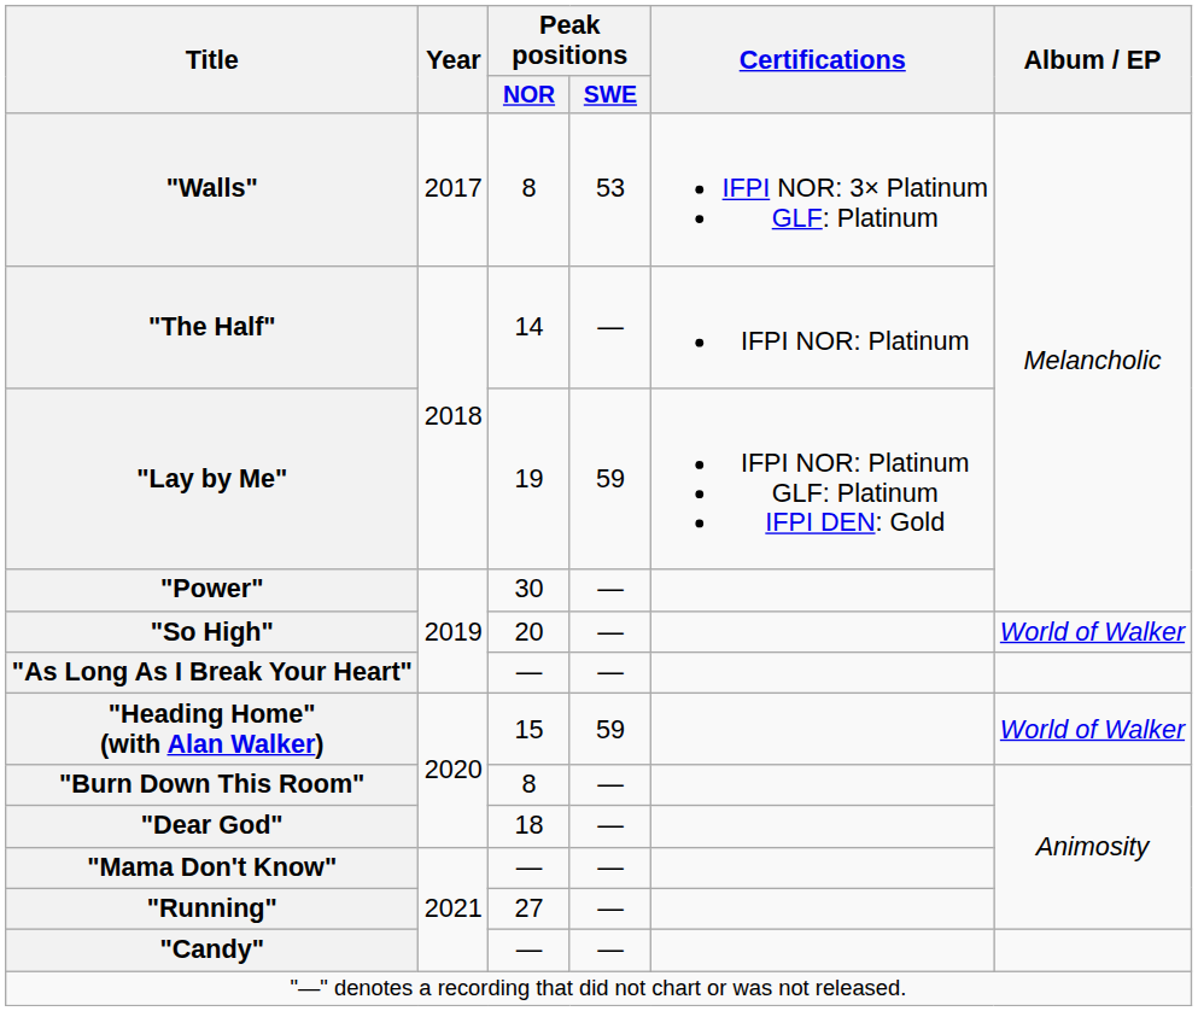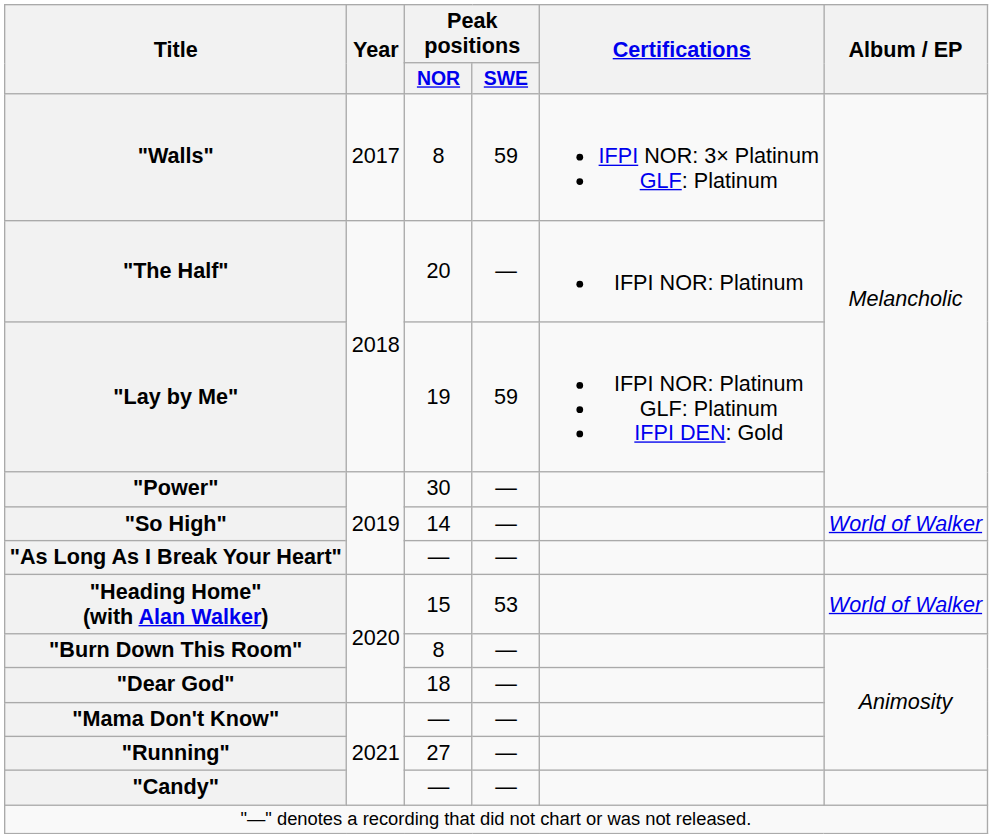 <table class="wikitable plainrowheaders" style="text-align:center">
 <tr>
 <th scope="col" rowspan="2">Title</th>
 <th scope="col" rowspan="2">Year</th>
 <th scope="col" colspan="2">Peak positions</th>
 <th scope="col" rowspan="2"><a href='#'>Certifications</a></th>
 <th scope="col" rowspan="2">Album / EP</th>
 </tr>
 <tr>
 <th scope="col" style="width:3em;font-size:90%;"><a href='#'>NOR</a><br></th>
 <th scope="col" style="width:3em;font-size:90%;"><a href='#'>SWE</a><br></th>
 </tr>
 <tr>
 <th scope="row">"Walls"</th>
 <td>2017</td>
 <td>8</td>
-<td>53</td>
+<td>59</td>
 <td><br><ul><li><a href='#'>IFPI</a> NOR: 3× Platinum</li><li><a href='#'>GLF</a>: Platinum</li></ul></td>
 <td rowspan="4"><em>Melancholic</em></td>
 </tr>
 <tr>
 <th scope="row">"The Half"</th>
 <td rowspan="2">2018</td>
-<td>14</td>
+<td>20</td>
 <td>—</td>
 <td><br><ul><li>IFPI NOR: Platinum</li></ul></td>
 </tr>
 <tr>
 <th scope="row">"Lay by Me"</th>
 <td>19</td>
 <td>59</td>
 <td><br><ul><li>IFPI NOR: Platinum</li><li>GLF: Platinum</li><li><a href='#'>IFPI DEN</a>: Gold</li></ul></td>
 </tr>
 <tr>
 <th scope="row">"Power"</th>
 <td rowspan="3">2019</td>
 <td>30</td>
 <td>—</td>
 <td></td>
 </tr>
 <tr>
 <th scope="row">"So High"</th>
-<td>20</td>
+<td>14</td>
 <td>—</td>
 <td></td>
 <td><em><a href='#'>World of Walker</a></em></td>
 </tr>
 <tr>
 <th scope="row">"As Long As I Break Your Heart"</th>
 <td>—</td>
 <td>—</td>
 <td></td>
 </tr>
 <tr>
 <th scope="row">"Heading Home" <br><span>(with <a href='#'>Alan Walker</a>)</span></th>
 <td rowspan="3">2020</td>
 <td>15</td>
-<td>59</td>
+<td>53</td>
 <td></td>
 <td><em><a href='#'>World of Walker</a></em></td>
 </tr>
 <tr>
 <th scope="row">"Burn Down This Room"</th>
 <td>8</td>
 <td>—</td>
 <td></td>
 <td rowspan="4"><em>Animosity</em></td>
 </tr>
 <tr>
 <th scope="row">"Dear God"</th>
 <td>18</td>
 <td>—</td>
 <td></td>
 </tr>
 <tr>
 <th scope="row">"Mama Don't Know"</th>
 <td rowspan="3">2021</td>
 <td>—</td>
 <td>—</td>
 <td></td>
 </tr>
 <tr>
 <th scope="row">"Running"</th>
 <td>27</td>
 <td>—</td>
 <td></td>
 </tr>
 <tr>
 <th scope="row">"Candy"</th>
 <td>—</td>
 <td>—</td>
 <td></td>
 <td></td>
 </tr>
 <tr>
 <td colspan="6" style="font-size:85%">"—" denotes a recording that did not chart or was not released.</td>
 </tr>
 </table>
